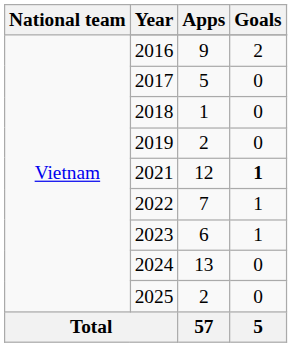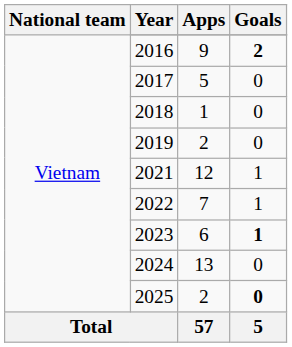 <table class=wikitable style=text-align:center>
 <tr>
 <th>National team</th>
 <th>Year</th>
 <th>Apps</th>
 <th>Goals</th>
 </tr>
 <tr>
 <td rowspan=10><a href='#'>Vietnam</a></td>
 </tr>
 <tr>
 <td>2016</td>
 <td>9</td>
-<td>2</td>
+<td><strong>2</strong></td>
 </tr>
 <tr>
 <td>2017</td>
 <td>5</td>
 <td>0</td>
 </tr>
 <tr>
 <td>2018</td>
 <td>1</td>
 <td>0</td>
 </tr>
 <tr>
 <td>2019</td>
 <td>2</td>
 <td>0</td>
 </tr>
 <tr>
 <td>2021</td>
 <td>12</td>
-<td><strong>1</strong></td>
+<td>1</td>
 </tr>
 <tr>
 <td>2022</td>
 <td>7</td>
 <td>1</td>
 </tr>
 <tr>
 <td>2023</td>
 <td>6</td>
-<td>1</td>
+<td><strong>1</strong></td>
 </tr>
 <tr>
 <td>2024</td>
 <td>13</td>
 <td>0</td>
 </tr>
 <tr>
 <td>2025</td>
 <td>2</td>
-<td>0</td>
+<td><strong>0</strong></td>
 </tr>
 <tr>
 <th colspan=2>Total</th>
 <th>57</th>
 <th>5</th>
 </tr>
 </table>
